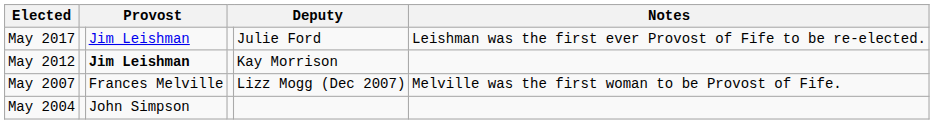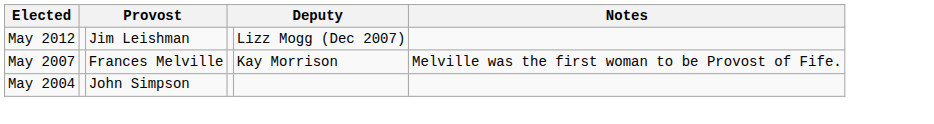 <table class="wikitable">
 <tr>
 <th>Elected</th>
 <th colspan="2">Provost</th>
 <th colspan="2">Deputy</th>
 <th>Notes</th>
 </tr>
 <tr>
-<td>May 2017</td>
-<td style="background-color: "></td>
-<td><a href='#'>Jim Leishman</a></td>
-<td style="background-color: "></td>
-<td>Julie Ford</td>
-<td>Leishman was the first ever Provost of Fife to be re-elected.</td>
-</tr>
-<tr>
 <td>May 2012</td>
 <td style="background-color: "></td>
-<td><strong>Jim Leishman  </strong></td>
+<td>Jim Leishman  </td>
 <td style="background-color: "></td>
-<td>Kay Morrison </td>
+<td>Lizz Mogg (Dec 2007)</td>
 <td></td>
 </tr>
 <tr>
 <td>May 2007</td>
 <td style="background-color: "></td>
 <td>Frances Melville</td>
 <td style="background-color: "></td>
-<td>Lizz Mogg (Dec 2007)</td>
+<td>Kay Morrison </td>
 <td>Melville was the first woman to be Provost of Fife.</td>
 </tr>
 <tr>
 <td>May 2004</td>
 <td style="background-color: "></td>
 <td>John Simpson </td>
 <td></td>
 <td></td>
 <td></td>
 </tr>
 </table>
